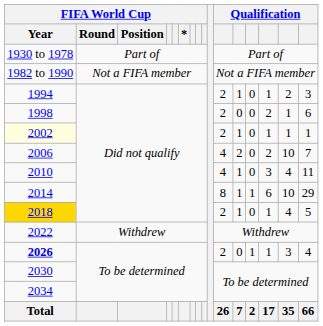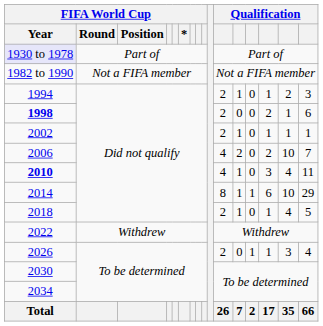 <table class="wikitable" style="text-align: center;">
 <tr>
 <th colspan=9><a href='#'>FIFA World Cup</a></th>
 <th rowspan=28></th>
 <th colspan=6><a href='#'>Qualification</a></th>
 </tr>
 <tr>
 <th>Year</th>
 <th>Round</th>
 <th>Position</th>
 <th></th>
 <th></th>
 <th>*</th>
 <th></th>
 <th></th>
 <th></th>
 <th></th>
 <th></th>
 <th></th>
 <th></th>
 <th></th>
 <th></th>
 </tr>
 <tr>
-<td><a href='#'>1930</a> to <a href='#'>1978</a></td>
+<td style="background: lavender;"><a href='#'>1930</a> to <a href='#'>1978</a></td>
 <td colspan=8><em>Part of </em></td>
 <td colspan=6><em>Part of </em></td>
 </tr>
 <tr>
 <td><a href='#'>1982</a> to <a href='#'>1990</a></td>
 <td colspan=8><em>Not a FIFA member</em></td>
 <td colspan=6><em>Not a FIFA member</em></td>
 </tr>
 <tr>
 <td> <a href='#'>1994</a></td>
 <td colspan=8 rowspan=7><em>Did not qualify</em></td>
 <td>2</td>
 <td>1</td>
 <td>0</td>
 <td>1</td>
 <td>2</td>
 <td>3</td>
 </tr>
 <tr>
-<td> <a href='#'>1998</a></td>
+<td><strong> <a href='#'>1998</a></strong></td>
 <td>2</td>
 <td>0</td>
 <td>0</td>
 <td>2</td>
 <td>1</td>
 <td>6</td>
 </tr>
 <tr>
-<td style="background: lightyellow;">  <a href='#'>2002</a></td>
+<td>  <a href='#'>2002</a></td>
 <td>2</td>
 <td>1</td>
 <td>0</td>
 <td>1</td>
 <td>1</td>
 <td>1</td>
 </tr>
 <tr>
 <td> <a href='#'>2006</a></td>
 <td>4</td>
 <td>2</td>
 <td>0</td>
 <td>2</td>
 <td>10</td>
 <td>7</td>
 </tr>
 <tr>
-<td> <a href='#'>2010</a></td>
+<td><strong> <a href='#'>2010</a></strong></td>
 <td>4</td>
 <td>1</td>
 <td>0</td>
 <td>3</td>
 <td>4</td>
 <td>11</td>
 </tr>
 <tr>
 <td> <a href='#'>2014</a></td>
 <td>8</td>
 <td>1</td>
 <td>1</td>
 <td>6</td>
 <td>10</td>
 <td>29</td>
 </tr>
 <tr>
-<td style="background: gold;"> <a href='#'>2018</a></td>
+<td> <a href='#'>2018</a></td>
 <td>2</td>
 <td>1</td>
 <td>0</td>
 <td>1</td>
 <td>4</td>
 <td>5</td>
 </tr>
 <tr>
 <td> <a href='#'>2022</a></td>
 <td colspan=8><em>Withdrew</em></td>
 <td colspan=6><em>Withdrew</em></td>
 </tr>
 <tr>
-<td><strong>   <a href='#'>2026</a></strong></td>
+<td>   <a href='#'>2026</a></td>
 <td colspan=8 rowspan=3><em>To be determined</em></td>
 <td>2</td>
 <td>0</td>
 <td>1</td>
 <td>1</td>
 <td>3</td>
 <td>4</td>
 </tr>
 <tr>
 <td>   <a href='#'>2030</a></td>
 <td colspan=6 rowspan=2><em>To be determined</em></td>
 </tr>
 <tr>
 <td> <a href='#'>2034</a></td>
 </tr>
 <tr>
 <th>Total</th>
 <th></th>
 <th></th>
 <th></th>
 <th></th>
 <th></th>
 <th></th>
 <th></th>
 <th></th>
 <th>26</th>
 <th>7</th>
 <th>2</th>
 <th>17</th>
 <th>35</th>
 <th>66</th>
 </tr>
 </table>
